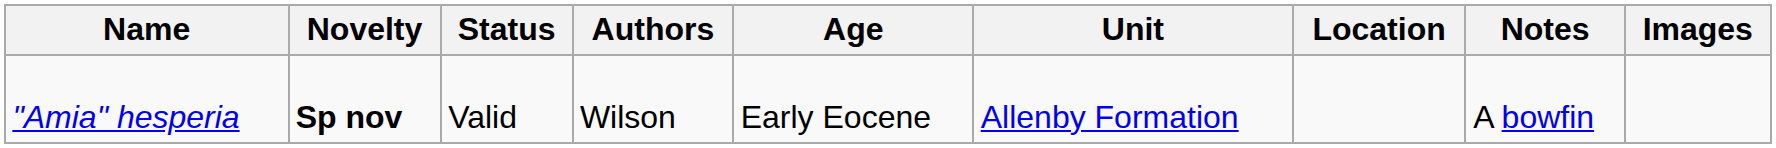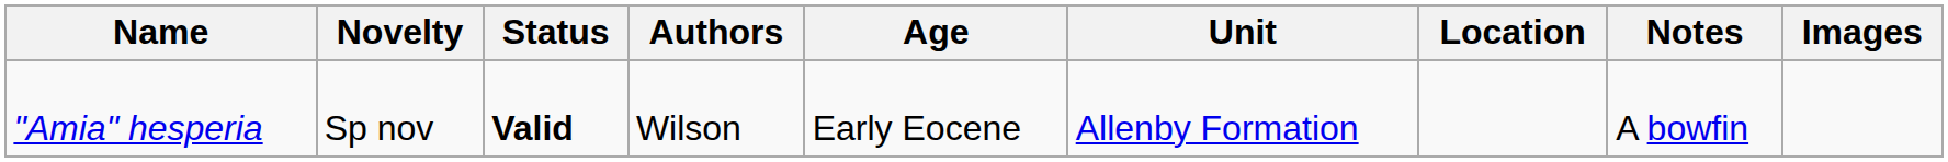 <table class="wikitable sortable" align="center" width="100%">
 <tr>
 <th>Name</th>
 <th>Novelty</th>
 <th>Status</th>
 <th>Authors</th>
 <th>Age</th>
 <th>Unit</th>
 <th>Location</th>
 <th>Notes</th>
 <th>Images</th>
 </tr>
 <tr>
 <td><br><em><a href='#'>"Amia" hesperia</a></em></td>
-<td><strong><br>Sp nov</strong></td>
-<td><br>Valid</td>
+<td><br>Sp nov</td>
+<td><strong><br>Valid</strong></td>
 <td><br>Wilson</td>
 <td><br>Early Eocene</td>
 <td><br><a href='#'>Allenby Formation</a></td>
 <td><br><br></td>
 <td><br>A <a href='#'>bowfin</a></td>
 <td><br></td>
 </tr>
 <tr>
 </tr>
 </table>
